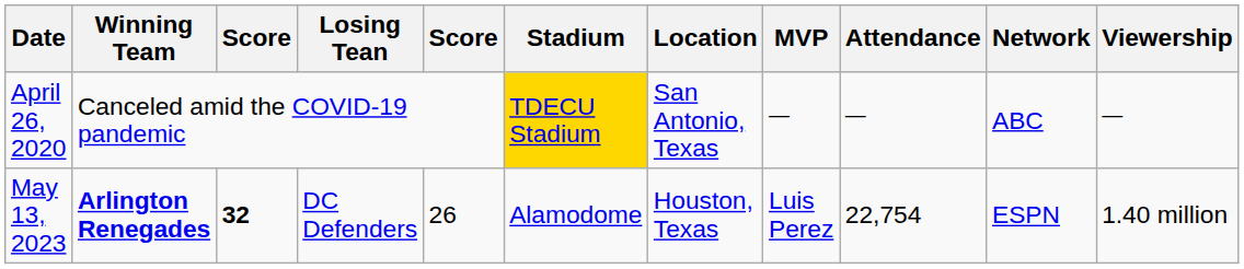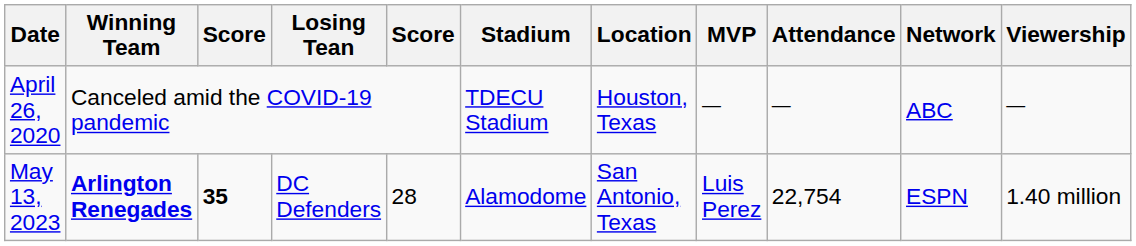 <table class="wikitable">
 <tr>
 <th>Date</th>
 <th>Winning Team</th>
 <th>Score</th>
 <th>Losing Tean</th>
 <th>Score</th>
 <th>Stadium</th>
 <th>Location</th>
 <th>MVP</th>
 <th>Attendance</th>
 <th>Network</th>
 <th>Viewership</th>
 </tr>
 <tr>
 <td><a href='#'>April 26, 2020</a></td>
 <td colspan="4">Canceled amid the <a href='#'>COVID-19 pandemic</a></td>
-<td style="background: gold;"><a href='#'>TDECU Stadium</a></td>
-<td><a href='#'>San Antonio, Texas</a></td>
+<td><a href='#'>TDECU Stadium</a></td>
+<td><a href='#'>Houston, Texas</a></td>
 <td><sup>—</sup></td>
 <td><sup>—</sup></td>
 <td><a href='#'>ABC</a></td>
 <td><sup>—</sup></td>
 </tr>
 <tr>
 <td><a href='#'>May 13, 2023</a></td>
 <td><strong><a href='#'>Arlington Renegades</a></strong></td>
-<td><strong>32</strong></td>
+<td><strong>35</strong></td>
 <td><a href='#'>DC Defenders</a></td>
-<td>26</td>
+<td>28</td>
 <td><a href='#'>Alamodome</a></td>
-<td><a href='#'>Houston, Texas</a></td>
+<td><a href='#'>San Antonio, Texas</a></td>
 <td><a href='#'>Luis Perez</a></td>
 <td>22,754</td>
 <td><a href='#'>ESPN</a></td>
 <td>1.40 million</td>
 </tr>
 </table>
